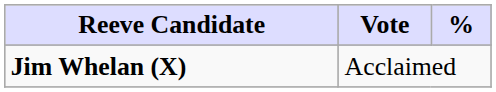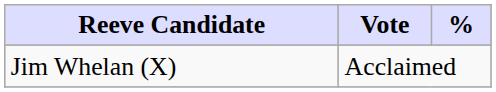 <table class="wikitable">
 <tr>
 <th style="background:#ddf; width:200px;">Reeve Candidate </th>
 <th style="background:#ddf; width:50px;">Vote</th>
 <th style="background:#ddf; width:30px;">%</th>
 </tr>
 <tr>
-<td><strong>Jim Whelan (X)</strong></td>
+<td>Jim Whelan (X)</td>
 <td colspan="2">Acclaimed</td>
 </tr>
 </table>
